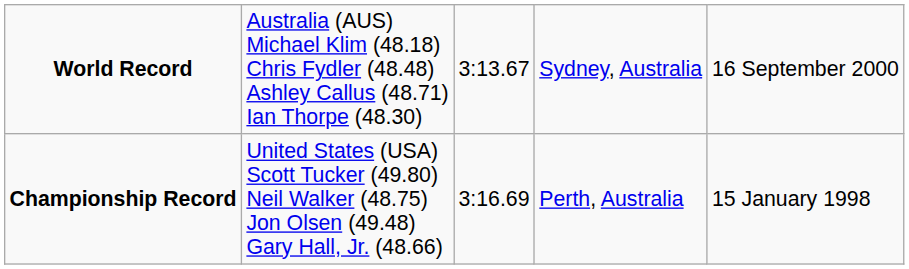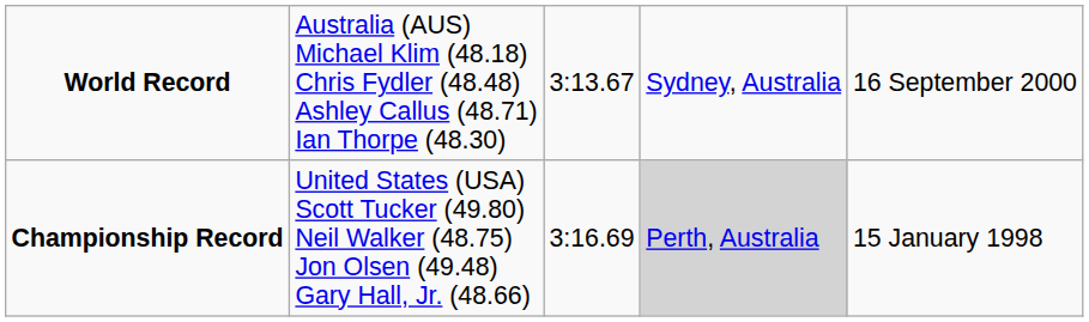 <table class="wikitable" border="1" align="center">
 <tr>
 <td align="center"><strong>World Record</strong></td>
 <td> <a href='#'>Australia</a> (AUS)<br><a href='#'>Michael Klim</a> (48.18)<br><a href='#'>Chris Fydler</a> (48.48)<br><a href='#'>Ashley Callus</a> (48.71)<br><a href='#'>Ian Thorpe</a> (48.30)</td>
 <td>3:13.67</td>
 <td><a href='#'>Sydney</a>, <a href='#'>Australia</a></td>
 <td>16 September 2000</td>
 </tr>
 <tr>
 <td align="center"><strong>Championship Record</strong></td>
 <td> <a href='#'>United States</a> (USA)<br><a href='#'>Scott Tucker</a> (49.80)<br><a href='#'>Neil Walker</a> (48.75)<br><a href='#'>Jon Olsen</a> (49.48)<br><a href='#'>Gary Hall, Jr.</a> (48.66)</td>
 <td>3:16.69</td>
-<td><a href='#'>Perth</a>, <a href='#'>Australia</a></td>
+<td style="background: lightgrey;"><a href='#'>Perth</a>, <a href='#'>Australia</a></td>
 <td>15 January 1998</td>
 </tr>
 </table>
